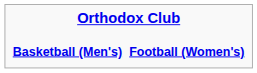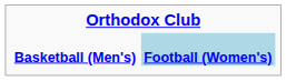 <table class="infobox" style="width: 270px;">
 <tr>
 <th colspan="4"><a href='#'><span>Orthodox Club</span></a></th>
 </tr>
 <tr style="font-size: 85%; text-align: center">
 <td><br><strong><a href='#'>Basketball (Men's)</a></strong></td>
-<td><br><strong><a href='#'>Football (Women's)</a></strong></td>
+<td style="background: lightblue;"><br><strong><a href='#'>Football (Women's)</a></strong></td>
 </tr>
 <tr style="font-size: 85%; text-align: center">
 <td></td>
 </tr>
 </table>
